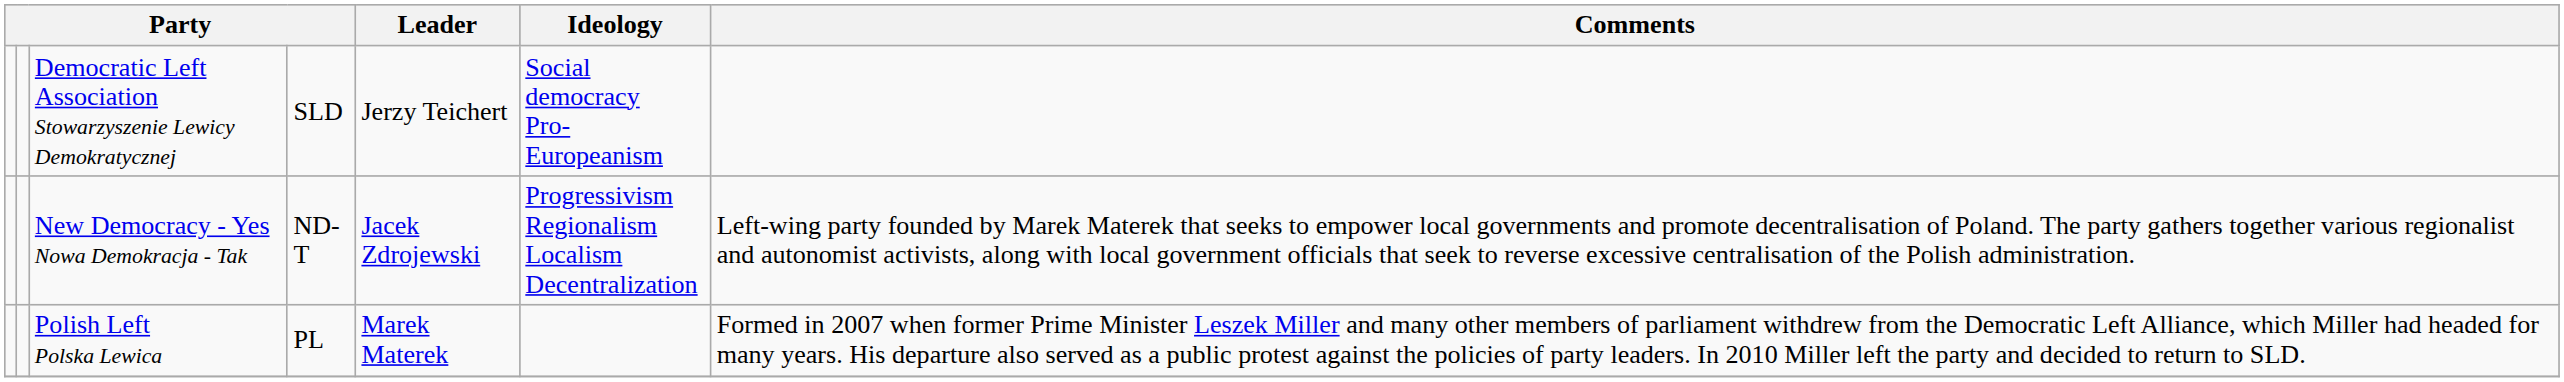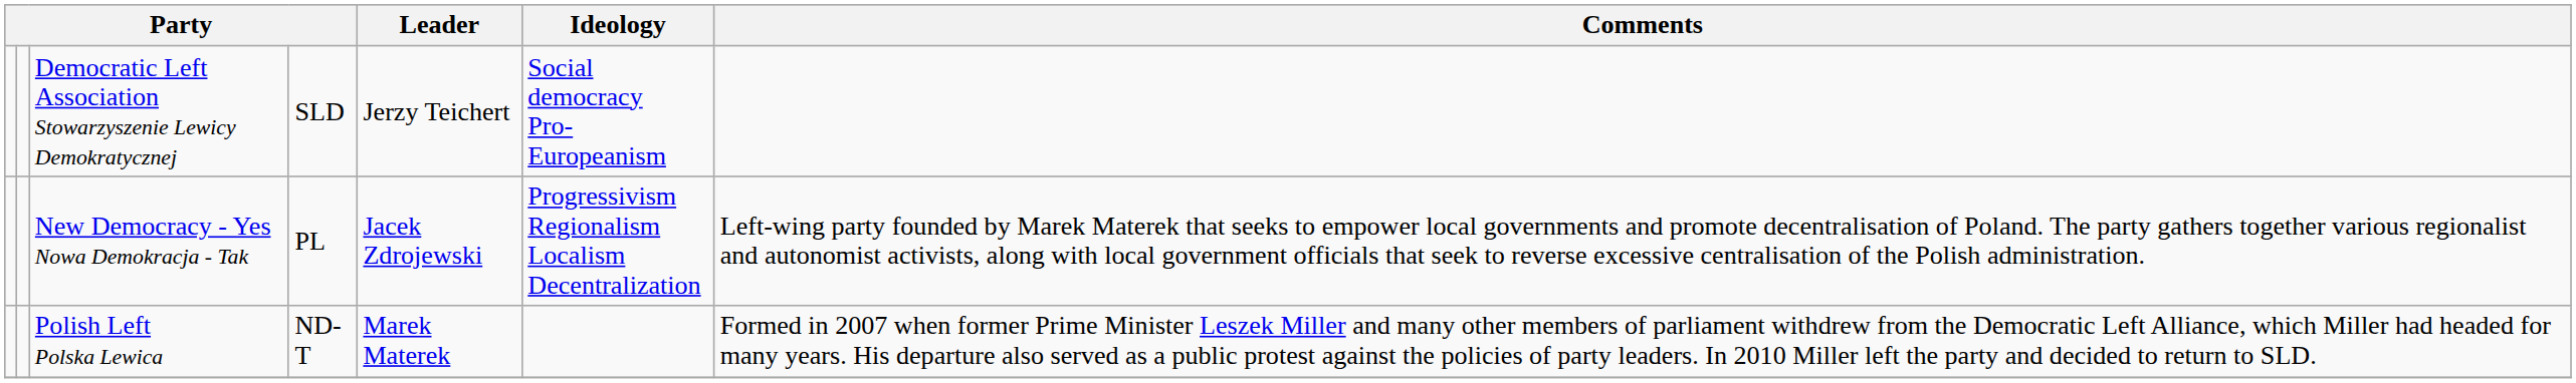 <table class="wikitable sortable">
 <tr>
 <th colspan=4>Party</th>
 <th>Leader</th>
 <th>Ideology</th>
 <th>Comments</th>
 </tr>
 <tr>
 <td></td>
 <td></td>
 <td><a href='#'>Democratic Left Association</a><br><em><small>Stowarzyszenie Lewicy Demokratycznej</small></em></td>
 <td>SLD</td>
 <td>Jerzy Teichert</td>
 <td><a href='#'>Social democracy</a><br><a href='#'>Pro-Europeanism</a></td>
 <td></td>
 </tr>
 <tr>
 <td></td>
 <td style="text-align:center;"></td>
 <td><a href='#'>New Democracy - Yes</a><br><small><em>Nowa Demokracja - Tak</em><br></small></td>
-<td>ND-T</td>
+<td>PL</td>
 <td><a href='#'>Jacek Zdrojewski</a></td>
 <td><a href='#'>Progressivism</a><br><a href='#'>Regionalism</a><br><a href='#'>Localism</a><br><a href='#'>Decentralization</a></td>
 <td>Left-wing party founded by Marek Materek that seeks to empower local governments and promote decentralisation of Poland. The party gathers together various regionalist and autonomist activists, along with local government officials that seek to reverse excessive centralisation of the Polish administration.</td>
 </tr>
 <tr>
 <td></td>
 <td></td>
 <td><a href='#'>Polish Left</a><br><small><em>Polska Lewica</em><br></small></td>
-<td>PL</td>
+<td>ND-T</td>
 <td><a href='#'>Marek Materek</a></td>
 <td></td>
 <td>Formed in 2007 when former Prime Minister <a href='#'>Leszek Miller</a> and many other members of parliament withdrew from the Democratic Left Alliance, which Miller had headed for many years. His departure also served as a public protest against the policies of party leaders. In 2010 Miller left the party and decided to return to SLD.</td>
 </tr>
 <tr>
 </tr>
 </table>
